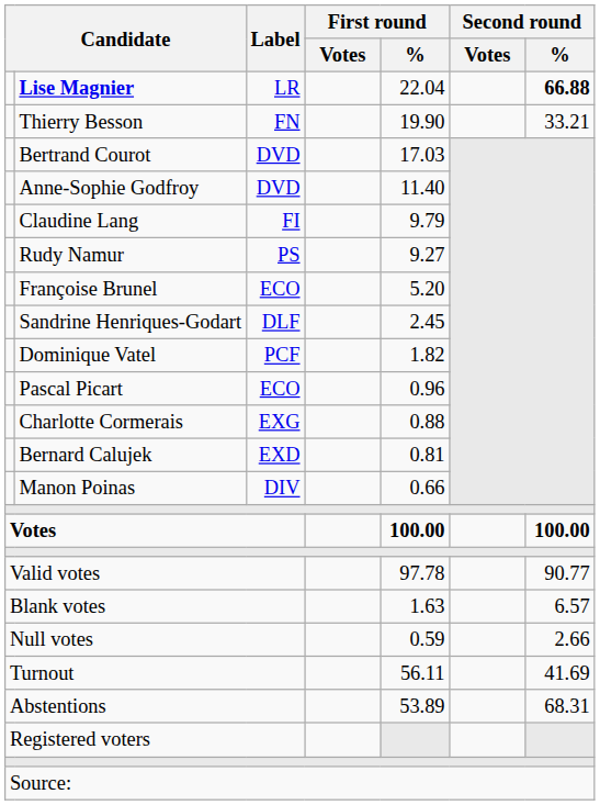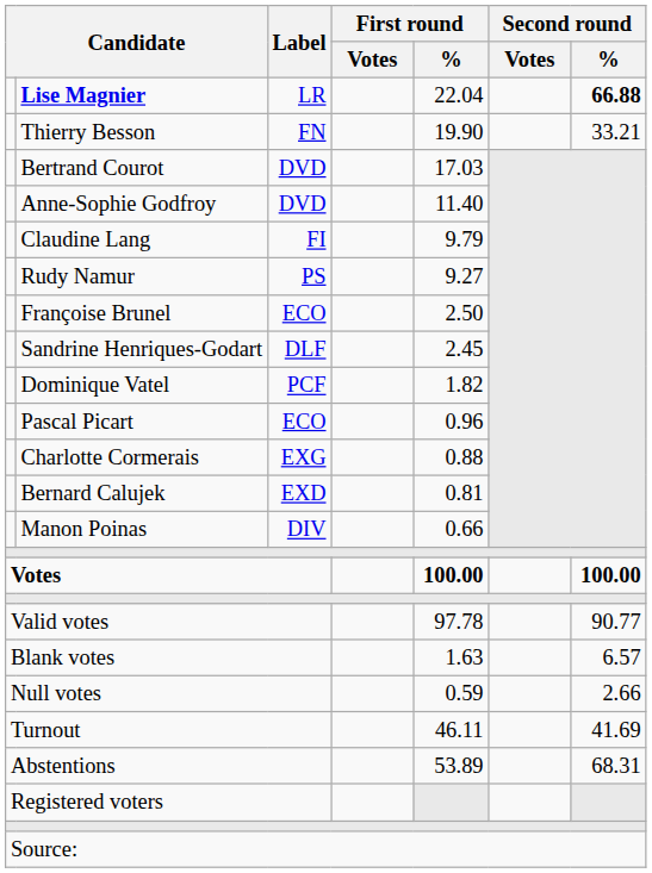 <table class="wikitable" style="text-align:right;font-size:95%;">
 <tr>
 <th rowspan="2" colspan="2">Candidate</th>
 <th rowspan="2">Label</th>
 <th colspan="2">First round</th>
 <th colspan="2">Second round</th>
 </tr>
 <tr>
 <th style="width:50px;">Votes</th>
 <th style="width:45px;">%</th>
 <th style="width:50px;">Votes</th>
 <th style="width:45px;">%</th>
 </tr>
 <tr>
 <td style="color:inherit;background:"></td>
 <td style="text-align:left;"><strong><a href='#'>Lise Magnier</a></strong></td>
 <td><a href='#'>LR</a></td>
 <td></td>
 <td>22.04</td>
 <td><strong></strong></td>
 <td><strong>66.88</strong></td>
 </tr>
 <tr>
 <td style="color:inherit;background:"></td>
 <td style="text-align:left;">Thierry Besson</td>
 <td><a href='#'>FN</a></td>
 <td></td>
 <td>19.90</td>
 <td></td>
 <td>33.21</td>
 </tr>
 <tr>
 <td style="color:inherit;background:"></td>
 <td style="text-align:left;">Bertrand Courot</td>
 <td><a href='#'>DVD</a></td>
 <td></td>
 <td>17.03</td>
 <td colspan="2" rowspan="11" style="background:#E9E9E9;"></td>
 </tr>
 <tr>
 <td style="color:inherit;background:"></td>
 <td style="text-align:left;">Anne-Sophie Godfroy</td>
 <td><a href='#'>DVD</a></td>
 <td></td>
 <td>11.40</td>
 </tr>
 <tr>
 <td style="color:inherit;background:"></td>
 <td style="text-align:left;">Claudine Lang</td>
 <td><a href='#'>FI</a></td>
 <td></td>
 <td>9.79</td>
 </tr>
 <tr>
 <td style="color:inherit;background:"></td>
 <td style="text-align:left;">Rudy Namur</td>
 <td><a href='#'>PS</a></td>
 <td></td>
 <td>9.27</td>
 </tr>
 <tr>
 <td style="color:inherit;background:"></td>
 <td style="text-align:left;">Françoise Brunel</td>
 <td><a href='#'>ECO</a></td>
 <td></td>
-<td>5.20</td>
+<td>2.50</td>
 </tr>
 <tr>
 <td style="color:inherit;background:"></td>
 <td style="text-align:left;">Sandrine Henriques-Godart</td>
 <td><a href='#'>DLF</a></td>
 <td></td>
 <td>2.45</td>
 </tr>
 <tr>
 <td style="color:inherit;background:"></td>
 <td style="text-align:left;">Dominique Vatel</td>
 <td><a href='#'>PCF</a></td>
 <td></td>
 <td>1.82</td>
 </tr>
 <tr>
 <td style="color:inherit;background:"></td>
 <td style="text-align:left;">Pascal Picart</td>
 <td><a href='#'>ECO</a></td>
 <td></td>
 <td>0.96</td>
 </tr>
 <tr>
 <td style="color:inherit;background:"></td>
 <td style="text-align:left;">Charlotte Cormerais</td>
 <td><a href='#'>EXG</a></td>
 <td></td>
 <td>0.88</td>
 </tr>
 <tr>
 <td style="color:inherit;background:"></td>
 <td style="text-align:left;">Bernard Calujek</td>
 <td><a href='#'>EXD</a></td>
 <td></td>
 <td>0.81</td>
 </tr>
 <tr>
 <td style="color:inherit;background:"></td>
 <td style="text-align:left;">Manon Poinas</td>
 <td><a href='#'>DIV</a></td>
 <td></td>
 <td>0.66</td>
 </tr>
 <tr>
 <td colspan="7" style="background:#E9E9E9;"></td>
 </tr>
 <tr style="font-weight:bold;">
 <td colspan="3" style="text-align:left;">Votes</td>
 <td></td>
 <td>100.00</td>
 <td></td>
 <td>100.00</td>
 </tr>
 <tr>
 <td colspan="7" style="background:#E9E9E9;"></td>
 </tr>
 <tr>
 <td colspan="3" style="text-align:left;">Valid votes</td>
 <td></td>
 <td>97.78</td>
 <td></td>
 <td>90.77</td>
 </tr>
 <tr>
 <td colspan="3" style="text-align:left;">Blank votes</td>
 <td></td>
 <td>1.63</td>
 <td></td>
 <td>6.57</td>
 </tr>
 <tr>
 <td colspan="3" style="text-align:left;">Null votes</td>
 <td></td>
 <td>0.59</td>
 <td></td>
 <td>2.66</td>
 </tr>
 <tr>
 <td colspan="3" style="text-align:left;">Turnout</td>
 <td></td>
-<td>56.11</td>
+<td>46.11</td>
 <td></td>
 <td>41.69</td>
 </tr>
 <tr>
 <td colspan="3" style="text-align:left;">Abstentions</td>
 <td></td>
 <td>53.89</td>
 <td></td>
 <td>68.31</td>
 </tr>
 <tr>
 <td colspan="3" style="text-align:left;">Registered voters</td>
 <td></td>
 <td style="background:#E9E9E9;"></td>
 <td></td>
 <td style="background:#E9E9E9;"></td>
 </tr>
 <tr>
 <td colspan="7" style="background:#E9E9E9;"></td>
 </tr>
 <tr>
 <td colspan="7" style="text-align:left;">Source: </td>
 </tr>
 </table>
